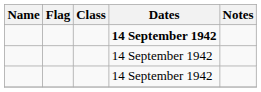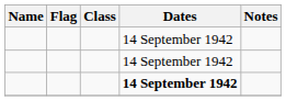 <table class="wikitable sortable">
 <tr>
 <th>Name</th>
 <th>Flag</th>
 <th>Class</th>
 <th>Dates</th>
 <th>Notes</th>
-</tr>
-<tr>
-<td></td>
-<td></td>
-<td></td>
-<td><strong>14 September 1942</strong></td>
-<td></td>
 </tr>
 <tr>
 <td></td>
 <td></td>
 <td></td>
 <td>14 September 1942</td>
 <td></td>
 </tr>
 <tr>
 <td></td>
 <td></td>
 <td></td>
 <td>14 September 1942</td>
 <td></td>
 </tr>
 <tr>
+<td></td>
+<td></td>
+<td></td>
+<td><strong>14 September 1942</strong></td>
+<td></td>
+</tr>
+<tr>
 </tr>
 </table>
